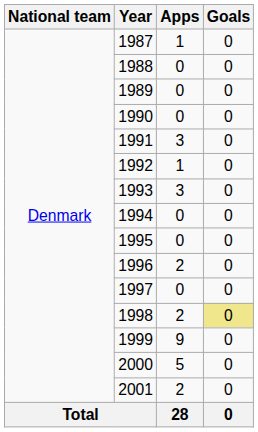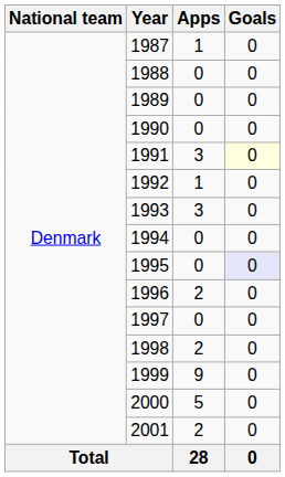 <table class="wikitable" style="text-align:center">
 <tr>
 <th>National team</th>
 <th>Year</th>
 <th>Apps</th>
 <th>Goals</th>
 </tr>
 <tr>
 <td rowspan="15"><a href='#'>Denmark</a></td>
 <td>1987</td>
 <td>1</td>
 <td>0</td>
 </tr>
 <tr>
 <td>1988</td>
 <td>0</td>
 <td>0</td>
 </tr>
 <tr>
 <td>1989</td>
 <td>0</td>
 <td>0</td>
 </tr>
 <tr>
 <td>1990</td>
 <td>0</td>
 <td>0</td>
 </tr>
 <tr>
 <td>1991</td>
 <td>3</td>
-<td>0</td>
+<td style="background: lightyellow;">0</td>
 </tr>
 <tr>
 <td>1992</td>
 <td>1</td>
 <td>0</td>
 </tr>
 <tr>
 <td>1993</td>
 <td>3</td>
 <td>0</td>
 </tr>
 <tr>
 <td>1994</td>
 <td>0</td>
 <td>0</td>
 </tr>
 <tr>
 <td>1995</td>
 <td>0</td>
-<td>0</td>
+<td style="background: lavender;">0</td>
 </tr>
 <tr>
 <td>1996</td>
 <td>2</td>
 <td>0</td>
 </tr>
 <tr>
 <td>1997</td>
 <td>0</td>
 <td>0</td>
 </tr>
 <tr>
 <td>1998</td>
 <td>2</td>
-<td style="background: khaki;">0</td>
+<td>0</td>
 </tr>
 <tr>
 <td>1999</td>
 <td>9</td>
 <td>0</td>
 </tr>
 <tr>
 <td>2000</td>
 <td>5</td>
 <td>0</td>
 </tr>
 <tr>
 <td>2001</td>
 <td>2</td>
 <td>0</td>
 </tr>
 <tr>
 <th colspan="2">Total</th>
 <th>28</th>
 <th>0</th>
 </tr>
 </table>
